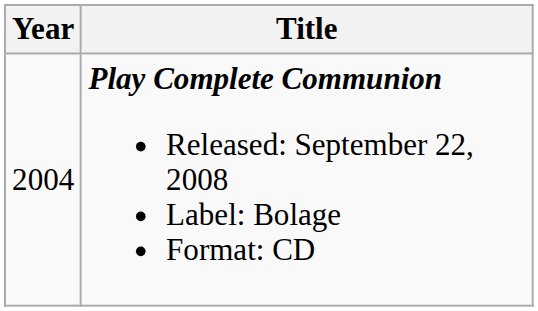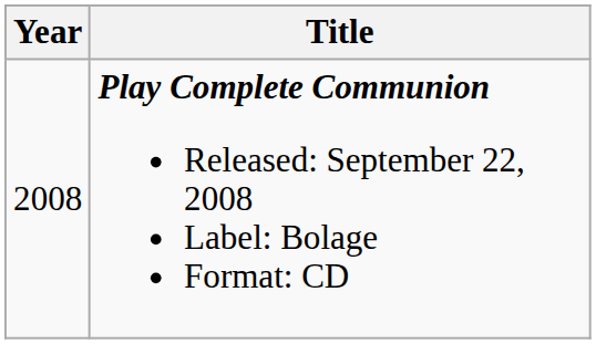 <table class="wikitable">
 <tr>
 <th>Year</th>
 <th style="width:225px;">Title</th>
 </tr>
 <tr>
-<td>2004</td>
+<td>2008</td>
 <td><strong><em>Play Complete Communion</em></strong><br><ul><li>Released: September 22, 2008</li><li>Label: Bolage </li><li>Format: CD</li></ul></td>
 </tr>
 </table>
